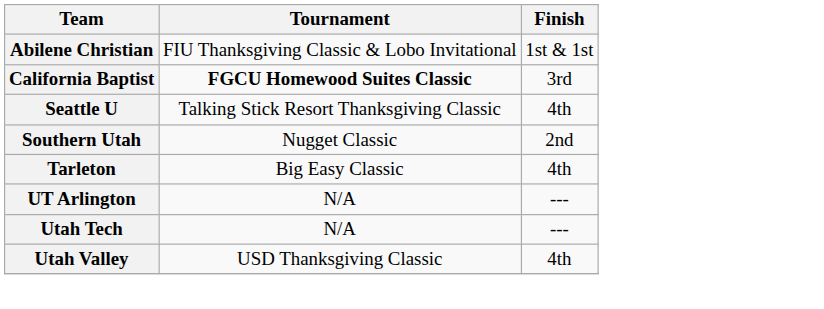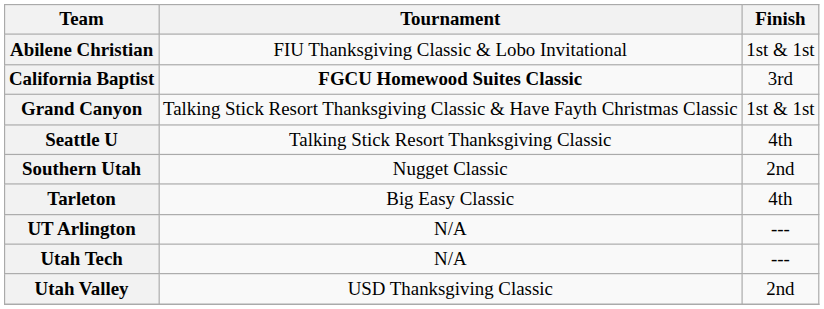 <table class="wikitable">
 <tr>
 <th>Team</th>
 <th>Tournament</th>
 <th>Finish</th>
 </tr>
 <tr style="text-align:center;">
 <th>Abilene Christian</th>
 <td>FIU Thanksgiving Classic & Lobo Invitational</td>
 <td>1st & 1st</td>
 </tr>
 <tr style="text-align:center;">
 <th>California Baptist</th>
 <td><strong>FGCU Homewood Suites Classic</strong></td>
 <td>3rd</td>
+</tr>
+<tr style="text-align:center;">
+<th>Grand Canyon</th>
+<td>Talking Stick Resort Thanksgiving Classic & Have Fayth Christmas Classic</td>
+<td>1st & 1st</td>
 </tr>
 <tr style="text-align:center;">
 <th>Seattle U</th>
 <td>Talking Stick Resort Thanksgiving Classic</td>
 <td>4th</td>
 </tr>
 <tr style="text-align:center;">
 <th>Southern Utah</th>
 <td>Nugget Classic</td>
 <td>2nd</td>
 </tr>
 <tr style="text-align:center;">
 <th>Tarleton</th>
 <td>Big Easy Classic</td>
 <td>4th</td>
 </tr>
 <tr style="text-align:center;">
 <th>UT Arlington</th>
 <td>N/A</td>
 <td>---</td>
 </tr>
 <tr style="text-align:center;">
 <th>Utah Tech</th>
 <td>N/A</td>
 <td>---</td>
 </tr>
 <tr style="text-align:center;">
 <th>Utah Valley</th>
 <td>USD Thanksgiving Classic</td>
-<td>4th</td>
+<td>2nd</td>
 </tr>
 <tr>
 </tr>
 </table>
